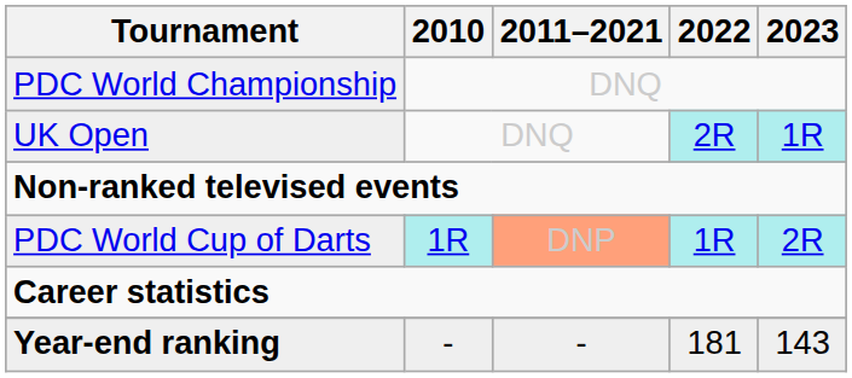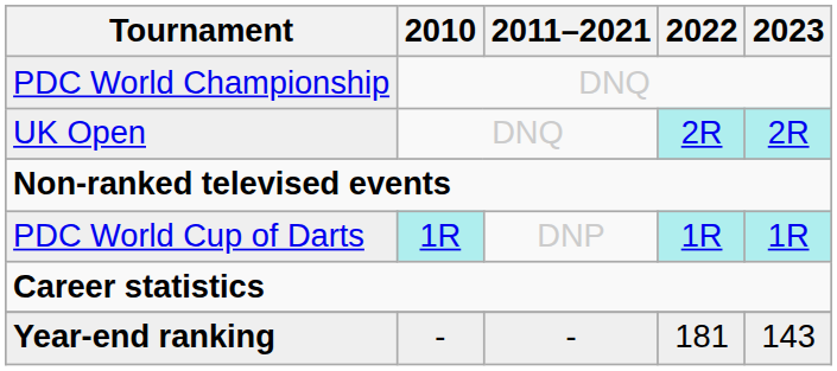 <table class="wikitable">
 <tr>
 <th>Tournament</th>
 <th>2010</th>
 <th>2011–2021</th>
 <th>2022</th>
 <th>2023</th>
 </tr>
 <tr>
 <td style="background:#efefef;"><a href='#'>PDC World Championship</a></td>
 <td colspan="4" style="text-align:center; color:#ccc;">DNQ</td>
 </tr>
 <tr>
 <td style="background:#efefef;"><a href='#'>UK Open</a></td>
 <td colspan="2" style="text-align:center; color:#ccc;">DNQ</td>
 <td style="text-align:center; background:#afeeee;"><a href='#'>2R</a></td>
-<td style="text-align:center; background:#afeeee;"><a href='#'>1R</a></td>
+<td style="text-align:center; background:#afeeee;"><a href='#'>2R</a></td>
 </tr>
 <tr>
 <td colspan="6" align="left"><strong>Non-ranked televised events</strong></td>
 </tr>
 <tr>
 <td style="background:#efefef;"><a href='#'>PDC World Cup of Darts</a></td>
 <td style="text-align:center; background:#afeeee;"><a href='#'>1R</a></td>
-<td style="background: lightsalmon; text-align:center; color:#ccc;">DNP</td>
+<td style="text-align:center; color:#ccc;">DNP</td>
 <td style="text-align:center; background:#afeeee;"><a href='#'>1R</a></td>
-<td style="text-align:center; background:#afeeee;"><a href='#'>2R</a></td>
+<td style="text-align:center; background:#afeeee;"><a href='#'>1R</a></td>
 </tr>
 <tr>
 <td colspan="6" align="left"><strong>Career statistics</strong></td>
 </tr>
 <tr>
 </tr>
 <tr bgcolor="efefef">
 <td align="left"><strong>Year-end ranking</strong></td>
 <td style="text-align:center;">-</td>
 <td style="text-align:center;">-</td>
 <td style="text-align:center;">181</td>
 <td style="text-align:center;">143</td>
 </tr>
 </table>
